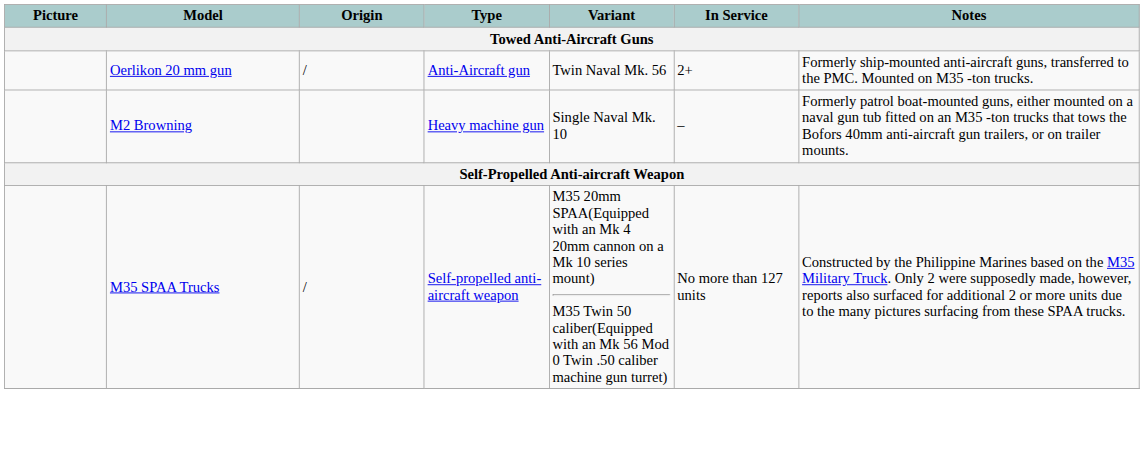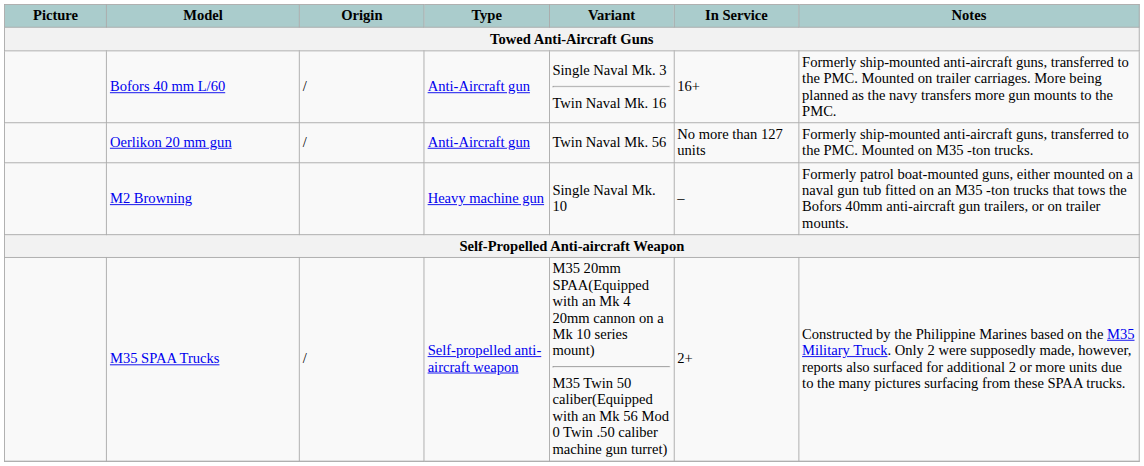 <table class="wikitable">
 <tr>
 <th style="text-align: center; background:#acc; width:9%;">Picture</th>
 <th style="text-align: center; background:#acc; width:17%;">Model</th>
 <th style="text-align: center; background:#acc; width:11%;">Origin</th>
 <th style="text-align: center; background:#acc; width:11%;">Type</th>
 <th style="text-align: center; background:#acc; width:11%;">Variant</th>
 <th style="text-align: center; background:#acc; width:11%;">In Service</th>
 <th style="text-align: center; background:#acc; width:30%;">Notes</th>
 </tr>
 <tr>
 <th style="align: center;" colspan="7">Towed Anti-Aircraft Guns</th>
 </tr>
 <tr>
 <td></td>
+<td><a href='#'>Bofors 40 mm L/60</a></td>
+<td>/</td>
+<td><a href='#'>Anti-Aircraft gun</a></td>
+<td>Single Naval Mk. 3<hr>Twin Naval Mk. 16</td>
+<td>16+</td>
+<td>Formerly ship-mounted anti-aircraft guns, transferred to the PMC. Mounted on trailer carriages. More being planned as the navy transfers more gun mounts to the PMC.</td>
+</tr>
+<tr>
+<td></td>
 <td><a href='#'>Oerlikon 20 mm gun</a></td>
 <td>/</td>
 <td><a href='#'>Anti-Aircraft gun</a></td>
 <td>Twin Naval Mk. 56</td>
-<td>2+</td>
+<td>No more than 127 units</td>
 <td>Formerly ship-mounted anti-aircraft guns, transferred to the PMC. Mounted on M35 -ton trucks.</td>
 </tr>
 <tr>
 <td></td>
 <td><a href='#'>M2 Browning</a></td>
 <td></td>
 <td><a href='#'>Heavy machine gun</a></td>
 <td>Single Naval Mk. 10</td>
 <td>–</td>
 <td>Formerly patrol boat-mounted guns, either mounted on a naval gun tub fitted on an M35 -ton trucks that tows the Bofors 40mm anti-aircraft gun trailers, or on trailer mounts.</td>
 </tr>
 <tr>
 <th style="align: center;" colspan="7">Self-Propelled Anti-aircraft Weapon</th>
 </tr>
 <tr>
 <td></td>
 <td><a href='#'>M35 SPAA Trucks</a></td>
 <td>/</td>
 <td><a href='#'>Self-propelled anti-aircraft weapon</a></td>
 <td>M35 20mm SPAA(Equipped with an Mk 4 20mm cannon on a Mk 10 series mount)<hr>M35 Twin 50 caliber(Equipped with an Mk 56 Mod 0 Twin .50 caliber machine gun turret)</td>
-<td>No more than 127 units</td>
+<td>2+</td>
 <td>Constructed by the Philippine Marines based on the <a href='#'>M35 Military Truck</a>. Only 2 were supposedly made, however, reports also surfaced for additional 2 or more units due to the many pictures surfacing from these SPAA trucks.</td>
 </tr>
 <tr>
 </tr>
 </table>
